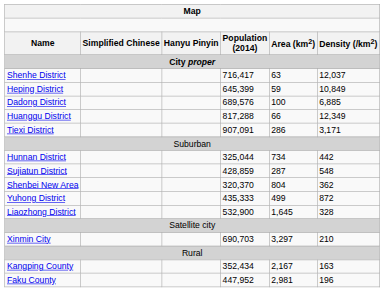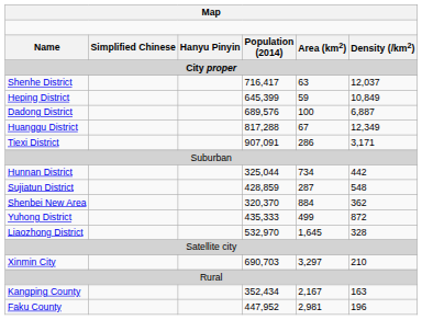 <table class="wikitable"  style="font-size:90%; margin:auto;">
 <tr>
 <th colspan="6">Map</th>
 </tr>
 <tr>
 <td colspan="6"><div><br>               </div></td>
 </tr>
 <tr>
 <th>Name</th>
 <th>Simplified Chinese</th>
 <th>Hanyu Pinyin</th>
 <th>Population<br>(2014)</th>
 <th>Area (km<sup>2</sup>)</th>
 <th>Density (/km<sup>2</sup>)</th>
 </tr>
 <tr>
 <td colspan="7"  style="text-align:center; background:#d3d3d3;"><strong>City <em>proper<strong><em></td>
 </tr>
 <tr>
 <td><a href='#'>Shenhe District</a></td>
 <td></td>
 <td></td>
 <td>716,417</td>
 <td>63</td>
 <td>12,037</td>
 </tr>
 <tr>
 <td><a href='#'>Heping District</a></td>
 <td></td>
 <td></td>
 <td>645,399</td>
 <td>59</td>
 <td>10,849</td>
 </tr>
 <tr>
 <td><a href='#'>Dadong District</a></td>
 <td></td>
 <td></td>
 <td>689,576</td>
 <td>100</td>
-<td>6,885</td>
+<td>6,887</td>
 </tr>
 <tr>
 <td><a href='#'>Huanggu District</a></td>
 <td></td>
 <td></td>
 <td>817,288</td>
-<td>66</td>
+<td>67</td>
 <td>12,349</td>
 </tr>
 <tr>
 <td><a href='#'>Tiexi District</a></td>
 <td></td>
 <td></td>
 <td>907,091</td>
 <td>286</td>
 <td>3,171</td>
 </tr>
 <tr>
 <td colspan="7"  style="text-align:center; background:#d3d3d3;"></strong>Suburban<strong></td>
 </tr>
 <tr>
 <td><a href='#'>Hunnan District</a></td>
 <td></td>
 <td></td>
 <td>325,044</td>
 <td>734</td>
 <td>442</td>
 </tr>
 <tr>
 <td><a href='#'>Sujiatun District</a></td>
 <td></td>
 <td></td>
 <td>428,859</td>
 <td>287</td>
 <td>548</td>
 </tr>
 <tr>
 <td><a href='#'>Shenbei New Area</a></td>
 <td></td>
 <td></td>
 <td>320,370</td>
-<td>804</td>
+<td>884</td>
 <td>362</td>
 </tr>
 <tr>
 <td><a href='#'>Yuhong District</a></td>
 <td></td>
 <td></td>
 <td>435,333</td>
 <td>499</td>
 <td>872</td>
 </tr>
 <tr>
 <td><a href='#'>Liaozhong District</a></td>
 <td></td>
 <td></td>
-<td>532,900</td>
+<td>532,970</td>
 <td>1,645</td>
 <td>328</td>
 </tr>
 <tr>
 <td colspan="7"  style="text-align:center; background:#d3d3d3;"></strong>Satellite city<strong></td>
 </tr>
 <tr>
 <td><a href='#'>Xinmin City</a></td>
 <td></td>
 <td></td>
 <td>690,703</td>
 <td>3,297</td>
 <td>210</td>
 </tr>
 <tr>
 <td colspan="7"  style="text-align:center; background:#d3d3d3;"></strong>Rural<strong></td>
 </tr>
 <tr>
 <td><a href='#'>Kangping County</a></td>
 <td></td>
 <td></td>
 <td>352,434</td>
 <td>2,167</td>
 <td>163</td>
 </tr>
 <tr>
 <td><a href='#'>Faku County</a></td>
 <td></td>
 <td></td>
 <td>447,952</td>
 <td>2,981</td>
 <td>196</td>
 </tr>
 </table>
